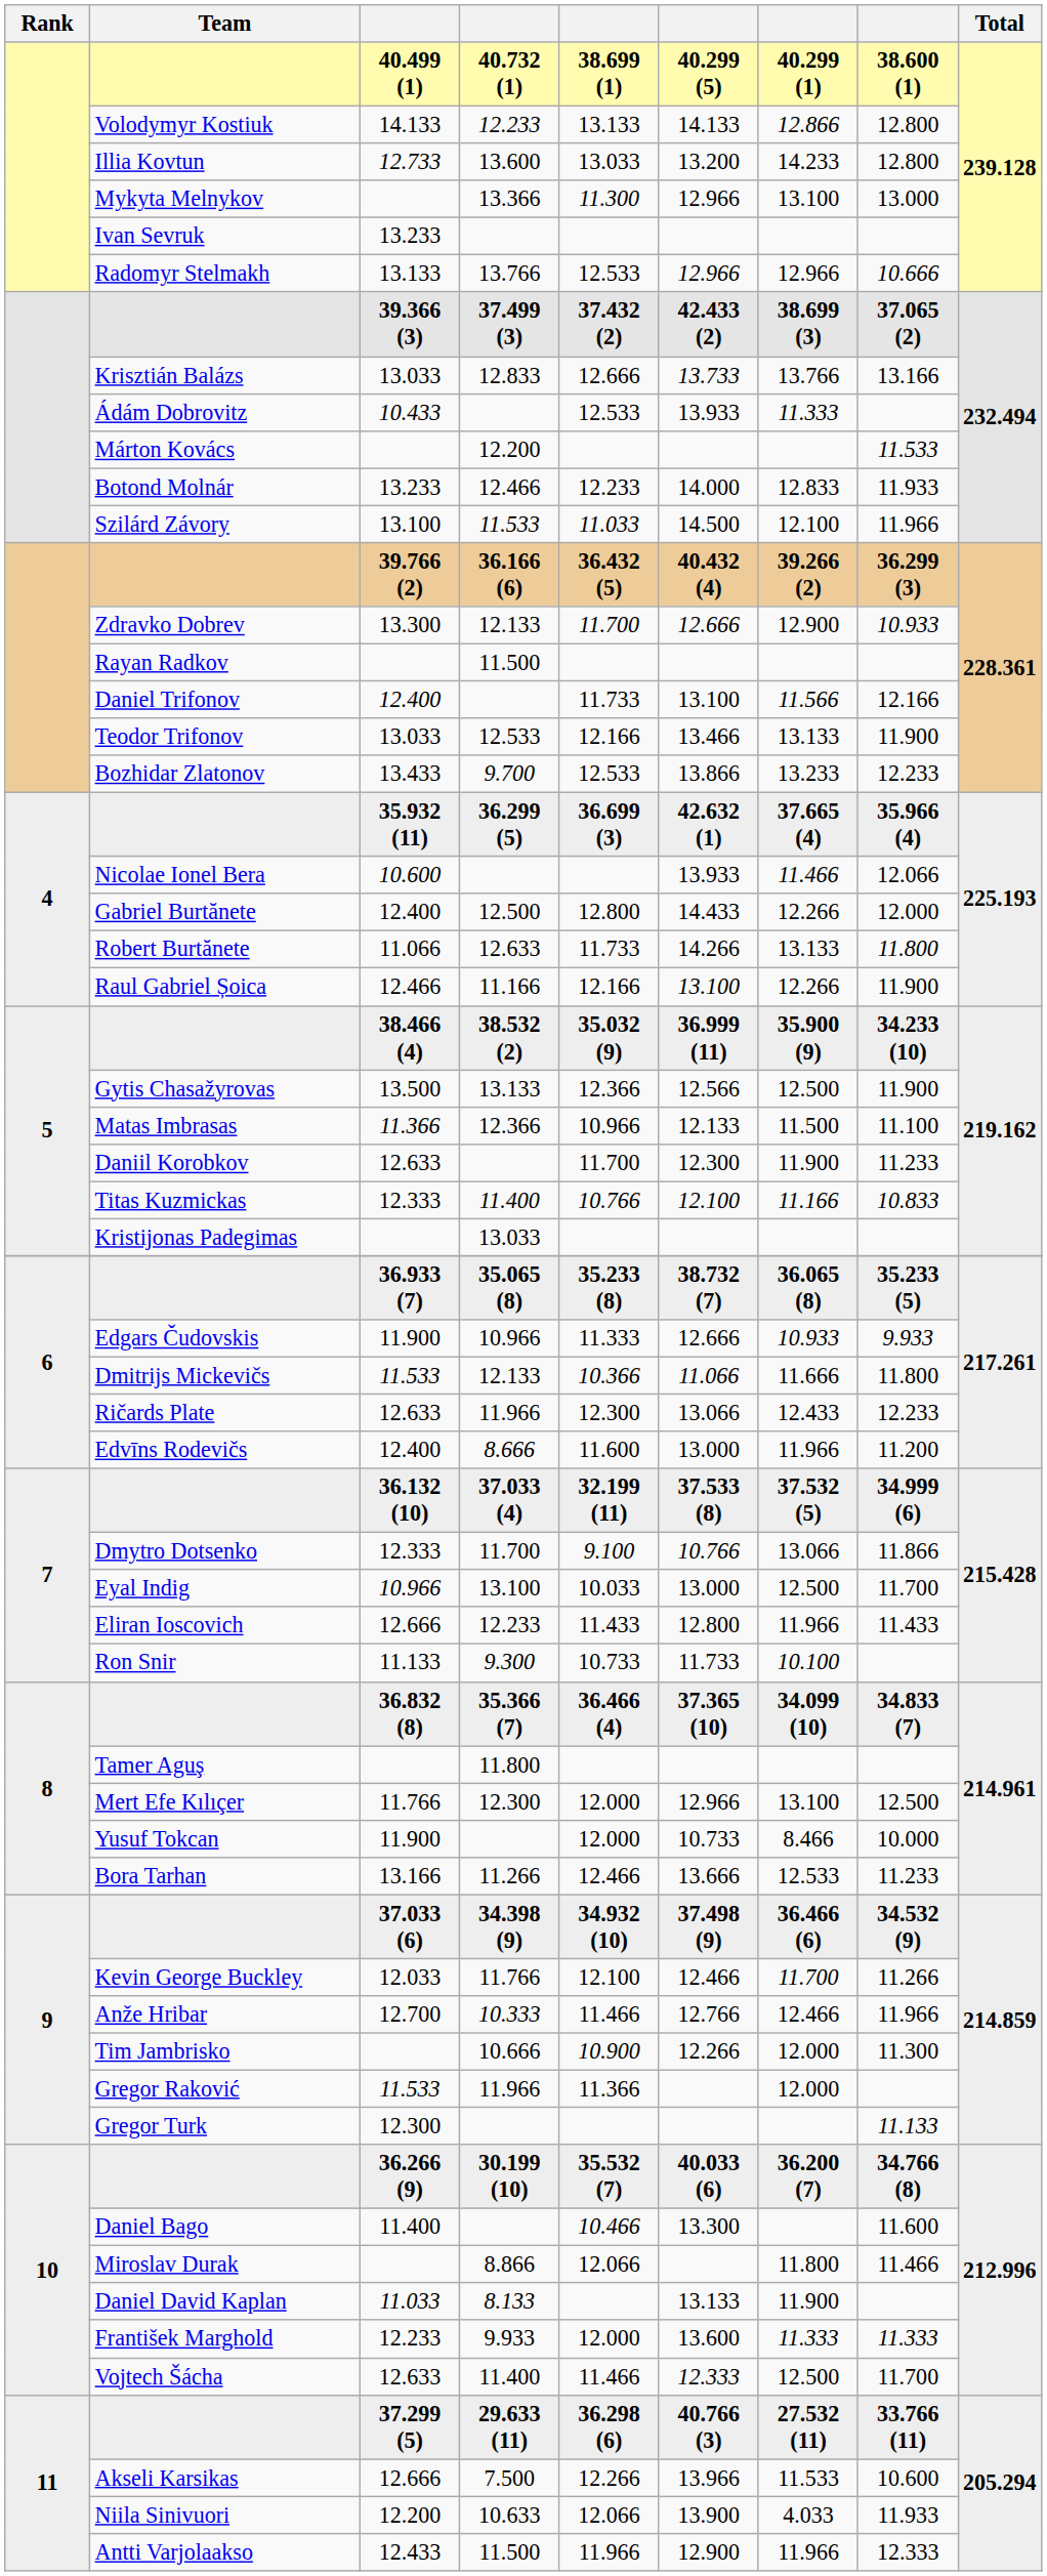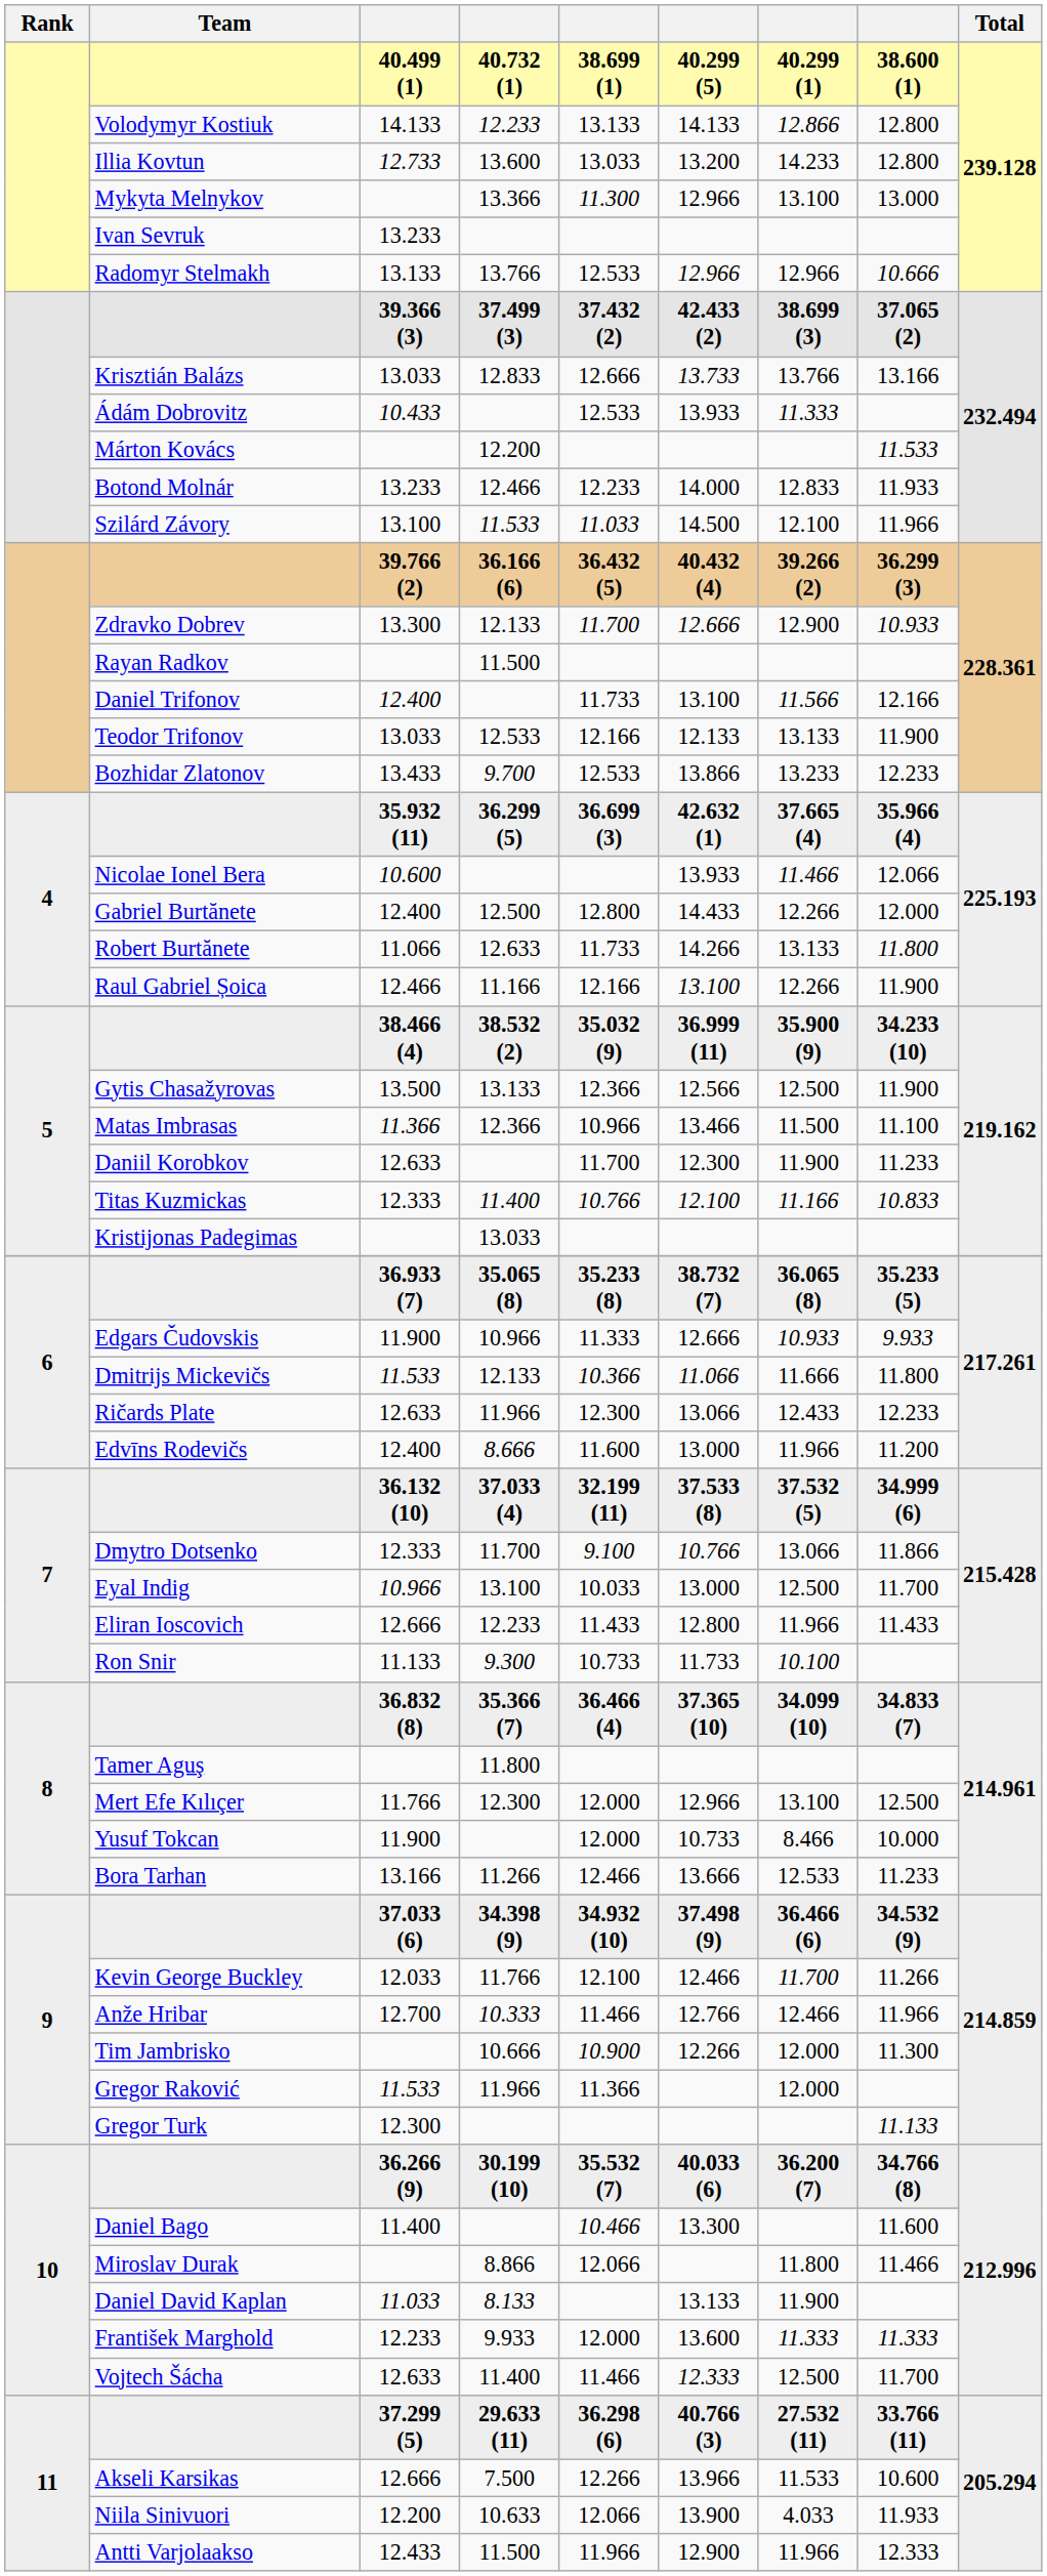 <table style="text-align:center; font-size:95%" class="wikitable sortable">
 <tr>
 <th scope="col" style="width:50px;">Rank</th>
 <th scope="col" style="width:175px;">Team</th>
 <th scope="col" style="width:60px;"></th>
 <th scope="col" style="width:60px;"></th>
 <th scope="col" style="width:60px;"></th>
 <th scope="col" style="width:60px;"></th>
 <th scope="col" style="width:60px;"></th>
 <th scope="col" style="width:60px;"></th>
 <th>Total</th>
 </tr>
 <tr style="background:#fffcaf;">
 <td rowspan="6"><strong></strong></td>
 <td style="text-align:left;"><strong></strong></td>
 <td><strong>40.499 (1)</strong></td>
 <td><strong>40.732 (1)</strong></td>
 <td><strong>38.699 (1)</strong></td>
 <td><strong>40.299 (5)</strong></td>
 <td><strong>40.299 (1)</strong></td>
 <td><strong>38.600 (1)</strong></td>
 <td rowspan="6"><strong>239.128</strong></td>
 </tr>
 <tr>
 <td style="text-align:left;"><a href='#'>Volodymyr Kostiuk</a></td>
 <td>14.133</td>
 <td><em>12.233</em></td>
 <td>13.133</td>
 <td>14.133</td>
 <td><em>12.866</em></td>
 <td>12.800</td>
 </tr>
 <tr>
 <td style="text-align:left;"><a href='#'>Illia Kovtun</a></td>
 <td><em>12.733</em></td>
 <td>13.600</td>
 <td>13.033</td>
 <td>13.200</td>
 <td>14.233</td>
 <td>12.800</td>
 </tr>
 <tr>
 <td style="text-align:left;"><a href='#'>Mykyta Melnykov</a></td>
 <td></td>
 <td>13.366</td>
 <td><em>11.300</em></td>
 <td>12.966</td>
 <td>13.100</td>
 <td>13.000</td>
 </tr>
 <tr>
 <td style="text-align:left;"><a href='#'>Ivan Sevruk</a></td>
 <td>13.233</td>
 <td></td>
 <td></td>
 <td></td>
 <td></td>
 <td></td>
 </tr>
 <tr>
 <td style="text-align:left;"><a href='#'>Radomyr Stelmakh</a></td>
 <td>13.133</td>
 <td>13.766</td>
 <td>12.533</td>
 <td><em>12.966</em></td>
 <td>12.966</td>
 <td><em>10.666</em></td>
 </tr>
 <tr style="background:#e5e5e5;">
 <td rowspan="6"><strong></strong></td>
 <td style="text-align:left;"><strong></strong></td>
 <td><strong>39.366 (3)</strong></td>
 <td><strong>37.499 (3)</strong></td>
 <td><strong>37.432 (2)</strong></td>
 <td><strong>42.433 (2)</strong></td>
 <td><strong>38.699 (3)</strong></td>
 <td><strong>37.065 (2)</strong></td>
 <td rowspan="6"><strong>232.494</strong></td>
 </tr>
 <tr>
 <td style="text-align:left;"><a href='#'>Krisztián Balázs</a></td>
 <td>13.033</td>
 <td>12.833</td>
 <td>12.666</td>
 <td><em>13.733</em></td>
 <td>13.766</td>
 <td>13.166</td>
 </tr>
 <tr>
 <td style="text-align:left;"><a href='#'>Ádám Dobrovitz</a></td>
 <td><em>10.433</em></td>
 <td></td>
 <td>12.533</td>
 <td>13.933</td>
 <td><em>11.333</em></td>
 <td></td>
 </tr>
 <tr>
 <td style="text-align:left;"><a href='#'>Márton Kovács</a></td>
 <td></td>
 <td>12.200</td>
 <td></td>
 <td></td>
 <td></td>
 <td><em>11.533</em></td>
 </tr>
 <tr>
 <td style="text-align:left;"><a href='#'>Botond Molnár</a></td>
 <td>13.233</td>
 <td>12.466</td>
 <td>12.233</td>
 <td>14.000</td>
 <td>12.833</td>
 <td>11.933</td>
 </tr>
 <tr>
 <td style="text-align:left;"><a href='#'>Szilárd Závory</a></td>
 <td>13.100</td>
 <td><em>11.533</em></td>
 <td><em>11.033</em></td>
 <td>14.500</td>
 <td>12.100</td>
 <td>11.966</td>
 </tr>
 <tr style="background:#ec9;">
 <td rowspan="6"><strong></strong></td>
 <td style="text-align:left;"><strong></strong></td>
 <td><strong>39.766 (2)</strong></td>
 <td><strong>36.166 (6)</strong></td>
 <td><strong>36.432 (5)</strong></td>
 <td><strong>40.432 (4)</strong></td>
 <td><strong>39.266 (2)</strong></td>
 <td><strong>36.299 (3)</strong></td>
 <td rowspan="6"><strong>228.361</strong></td>
 </tr>
 <tr>
 <td style="text-align:left;"><a href='#'>Zdravko Dobrev</a></td>
 <td>13.300</td>
 <td>12.133</td>
 <td><em>11.700</em></td>
 <td><em>12.666</em></td>
 <td>12.900</td>
 <td><em>10.933</em></td>
 </tr>
 <tr>
 <td style="text-align:left;"><a href='#'>Rayan Radkov</a></td>
 <td></td>
 <td>11.500</td>
 <td></td>
 <td></td>
 <td></td>
 <td></td>
 </tr>
 <tr>
 <td style="text-align:left;"><a href='#'>Daniel Trifonov</a></td>
 <td><em>12.400</em></td>
 <td></td>
 <td>11.733</td>
 <td>13.100</td>
 <td><em>11.566</em></td>
 <td>12.166</td>
 </tr>
 <tr>
 <td style="text-align:left;"><a href='#'>Teodor Trifonov</a></td>
 <td>13.033</td>
 <td>12.533</td>
 <td>12.166</td>
-<td>13.466</td>
+<td>12.133</td>
 <td>13.133</td>
 <td>11.900</td>
 </tr>
 <tr>
 <td style="text-align:left;"><a href='#'>Bozhidar Zlatonov</a></td>
 <td>13.433</td>
 <td><em>9.700</em></td>
 <td>12.533</td>
 <td>13.866</td>
 <td>13.233</td>
 <td>12.233</td>
 </tr>
 <tr style="background:#eee;">
 <td rowspan="5"><strong>4</strong></td>
 <td style="text-align:left;"><strong></strong></td>
 <td><strong>35.932 (11)</strong></td>
 <td><strong>36.299 (5)</strong></td>
 <td><strong>36.699 (3)</strong></td>
 <td><strong>42.632 (1)</strong></td>
 <td><strong>37.665 (4)</strong></td>
 <td><strong>35.966 (4)</strong></td>
 <td rowspan="5"><strong>225.193</strong></td>
 </tr>
 <tr>
 <td style="text-align:left;"><a href='#'>Nicolae Ionel Bera</a></td>
 <td><em>10.600</em></td>
 <td></td>
 <td></td>
 <td>13.933</td>
 <td><em>11.466</em></td>
 <td>12.066</td>
 </tr>
 <tr>
 <td style="text-align:left;"><a href='#'>Gabriel Burtănete</a></td>
 <td>12.400</td>
 <td>12.500</td>
 <td>12.800</td>
 <td>14.433</td>
 <td>12.266</td>
 <td>12.000</td>
 </tr>
 <tr>
 <td style="text-align:left;"><a href='#'>Robert Burtănete</a></td>
 <td>11.066</td>
 <td>12.633</td>
 <td>11.733</td>
 <td>14.266</td>
 <td>13.133</td>
 <td><em>11.800</em></td>
 </tr>
 <tr>
 <td style="text-align:left;"><a href='#'>Raul Gabriel Șoica</a></td>
 <td>12.466</td>
 <td>11.166</td>
 <td>12.166</td>
 <td><em>13.100</em></td>
 <td>12.266</td>
 <td>11.900</td>
 </tr>
 <tr style="background:#eee;">
 <td rowspan="6"><strong>5</strong></td>
 <td style="text-align:left;"><strong></strong></td>
 <td><strong>38.466 (4)</strong></td>
 <td><strong>38.532 (2)</strong></td>
 <td><strong>35.032 (9)</strong></td>
 <td><strong>36.999 (11)</strong></td>
 <td><strong>35.900 (9)</strong></td>
 <td><strong>34.233 (10)</strong></td>
 <td rowspan="6"><strong>219.162</strong></td>
 </tr>
 <tr>
 <td style="text-align:left;"><a href='#'>Gytis Chasažyrovas</a></td>
 <td>13.500</td>
 <td>13.133</td>
 <td>12.366</td>
 <td>12.566</td>
 <td>12.500</td>
 <td>11.900</td>
 </tr>
 <tr>
 <td style="text-align:left;"><a href='#'>Matas Imbrasas</a></td>
 <td><em>11.366</em></td>
 <td>12.366</td>
 <td>10.966</td>
-<td>12.133</td>
+<td>13.466</td>
 <td>11.500</td>
 <td>11.100</td>
 </tr>
 <tr>
 <td style="text-align:left;"><a href='#'>Daniil Korobkov</a></td>
 <td>12.633</td>
 <td></td>
 <td>11.700</td>
 <td>12.300</td>
 <td>11.900</td>
 <td>11.233</td>
 </tr>
 <tr>
 <td style="text-align:left;"><a href='#'>Titas Kuzmickas</a></td>
 <td>12.333</td>
 <td><em>11.400</em></td>
 <td><em>10.766</em></td>
 <td><em>12.100</em></td>
 <td><em>11.166</em></td>
 <td><em>10.833</em></td>
 </tr>
 <tr>
 <td style="text-align:left;"><a href='#'>Kristijonas Padegimas</a></td>
 <td></td>
 <td>13.033</td>
 <td></td>
 <td></td>
 <td></td>
 <td></td>
 </tr>
 <tr>
 </tr>
 <tr style="background:#eee;">
 <td rowspan="5"><strong>6</strong></td>
 <td style="text-align:left;"><strong></strong></td>
 <td><strong>36.933 (7)</strong></td>
 <td><strong>35.065 (8)</strong></td>
 <td><strong>35.233 (8)</strong></td>
 <td><strong>38.732 (7)</strong></td>
 <td><strong>36.065 (8)</strong></td>
 <td><strong>35.233 (5)</strong></td>
 <td rowspan="5"><strong>217.261</strong></td>
 </tr>
 <tr>
 <td style="text-align:left;"><a href='#'>Edgars Čudovskis</a></td>
 <td>11.900</td>
 <td>10.966</td>
 <td>11.333</td>
 <td>12.666</td>
 <td><em>10.933</em></td>
 <td><em>9.933</em></td>
 </tr>
 <tr>
 <td style="text-align:left;"><a href='#'>Dmitrijs Mickevičs</a></td>
 <td><em>11.533</em></td>
 <td>12.133</td>
 <td><em>10.366</em></td>
 <td><em>11.066</em></td>
 <td>11.666</td>
 <td>11.800</td>
 </tr>
 <tr>
 <td style="text-align:left;"><a href='#'>Ričards Plate</a></td>
 <td>12.633</td>
 <td>11.966</td>
 <td>12.300</td>
 <td>13.066</td>
 <td>12.433</td>
 <td>12.233</td>
 </tr>
 <tr>
 <td style="text-align:left;"><a href='#'>Edvīns Rodevičs</a></td>
 <td>12.400</td>
 <td><em>8.666</em></td>
 <td>11.600</td>
 <td>13.000</td>
 <td>11.966</td>
 <td>11.200</td>
 </tr>
 <tr style="background:#eee;">
 <td rowspan="5"><strong>7</strong></td>
 <td style="text-align:left;"><strong></strong></td>
 <td><strong>36.132 (10)</strong></td>
 <td><strong>37.033 (4)</strong></td>
 <td><strong>32.199 (11)</strong></td>
 <td><strong>37.533 (8)</strong></td>
 <td><strong>37.532 (5)</strong></td>
 <td><strong>34.999 (6)</strong></td>
 <td rowspan="5"><strong>215.428</strong></td>
 </tr>
 <tr>
 <td style="text-align:left;"><a href='#'>Dmytro Dotsenko</a></td>
 <td>12.333</td>
 <td>11.700</td>
 <td><em>9.100</em></td>
 <td><em>10.766</em></td>
 <td>13.066</td>
 <td>11.866</td>
 </tr>
 <tr>
 <td style="text-align:left;"><a href='#'>Eyal Indig</a></td>
 <td><em>10.966</em></td>
 <td>13.100</td>
 <td>10.033</td>
 <td>13.000</td>
 <td>12.500</td>
 <td>11.700</td>
 </tr>
 <tr>
 <td style="text-align:left;"><a href='#'>Eliran Ioscovich</a></td>
 <td>12.666</td>
 <td>12.233</td>
 <td>11.433</td>
 <td>12.800</td>
 <td>11.966</td>
 <td>11.433</td>
 </tr>
 <tr>
 <td style="text-align:left;"><a href='#'>Ron Snir</a></td>
 <td>11.133</td>
 <td><em>9.300</em></td>
 <td>10.733</td>
 <td>11.733</td>
 <td><em>10.100</em></td>
 <td></td>
 </tr>
 <tr style="background:#eee;">
 <td rowspan="5"><strong>8</strong></td>
 <td style="text-align:left;"><strong></strong></td>
 <td><strong>36.832 (8)</strong></td>
 <td><strong>35.366 (7)</strong></td>
 <td><strong>36.466 (4)</strong></td>
 <td><strong>37.365 (10)</strong></td>
 <td><strong>34.099 (10)</strong></td>
 <td><strong>34.833 (7)</strong></td>
 <td rowspan="5"><strong>214.961</strong></td>
 </tr>
 <tr>
 <td style="text-align:left;"><a href='#'>Tamer Aguş</a></td>
 <td></td>
 <td>11.800</td>
 <td></td>
 <td></td>
 <td></td>
 <td></td>
 </tr>
 <tr>
 <td style="text-align:left;"><a href='#'>Mert Efe Kılıçer</a></td>
 <td>11.766</td>
 <td>12.300</td>
 <td>12.000</td>
 <td>12.966</td>
 <td>13.100</td>
 <td>12.500</td>
 </tr>
 <tr>
 <td style="text-align:left;"><a href='#'>Yusuf Tokcan</a></td>
 <td>11.900</td>
 <td></td>
 <td>12.000</td>
 <td>10.733</td>
 <td>8.466</td>
 <td>10.000</td>
 </tr>
 <tr>
 <td style="text-align:left;"><a href='#'>Bora Tarhan</a></td>
 <td>13.166</td>
 <td>11.266</td>
 <td>12.466</td>
 <td>13.666</td>
 <td>12.533</td>
 <td>11.233</td>
 </tr>
 <tr style="background:#eee;">
 <td rowspan="6"><strong>9</strong></td>
 <td style="text-align:left;"><strong></strong></td>
 <td><strong>37.033 (6)</strong></td>
 <td><strong>34.398 (9)</strong></td>
 <td><strong>34.932 (10)</strong></td>
 <td><strong>37.498 (9)</strong></td>
 <td><strong>36.466 (6)</strong></td>
 <td><strong>34.532 (9)</strong></td>
 <td rowspan="6"><strong>214.859</strong></td>
 </tr>
 <tr>
 <td style="text-align:left;"><a href='#'>Kevin George Buckley</a></td>
 <td>12.033</td>
 <td>11.766</td>
 <td>12.100</td>
 <td>12.466</td>
 <td><em>11.700</em></td>
 <td>11.266</td>
 </tr>
 <tr>
 <td style="text-align:left;"><a href='#'>Anže Hribar</a></td>
 <td>12.700</td>
 <td><em>10.333</em></td>
 <td>11.466</td>
 <td>12.766</td>
 <td>12.466</td>
 <td>11.966</td>
 </tr>
 <tr>
 <td style="text-align:left;"><a href='#'>Tim Jambrisko</a></td>
 <td></td>
 <td>10.666</td>
 <td><em>10.900</em></td>
 <td>12.266</td>
 <td>12.000</td>
 <td>11.300</td>
 </tr>
 <tr>
 <td style="text-align:left;"><a href='#'>Gregor Raković</a></td>
 <td><em>11.533</em></td>
 <td>11.966</td>
 <td>11.366</td>
 <td></td>
 <td>12.000</td>
 <td></td>
 </tr>
 <tr>
 <td style="text-align:left;"><a href='#'>Gregor Turk</a></td>
 <td>12.300</td>
 <td></td>
 <td></td>
 <td></td>
 <td></td>
 <td><em>11.133</em></td>
 </tr>
 <tr style="background:#eee;">
 <td rowspan="6"><strong>10</strong></td>
 <td style="text-align:left;"><strong></strong></td>
 <td><strong>36.266 (9)</strong></td>
 <td><strong>30.199 (10)</strong></td>
 <td><strong>35.532 (7)</strong></td>
 <td><strong>40.033 (6)</strong></td>
 <td><strong>36.200 (7)</strong></td>
 <td><strong>34.766 (8)</strong></td>
 <td rowspan="6"><strong>212.996</strong></td>
 </tr>
 <tr>
 <td style="text-align:left;"><a href='#'>Daniel Bago</a></td>
 <td>11.400</td>
 <td></td>
 <td><em>10.466</em></td>
 <td>13.300</td>
 <td></td>
 <td>11.600</td>
 </tr>
 <tr>
 <td style="text-align:left;"><a href='#'>Miroslav Durak</a></td>
 <td></td>
 <td>8.866</td>
 <td>12.066</td>
 <td></td>
 <td>11.800</td>
 <td>11.466</td>
 </tr>
 <tr>
 <td style="text-align:left;"><a href='#'>Daniel David Kaplan</a></td>
 <td><em>11.033</em></td>
 <td><em>8.133</em></td>
 <td></td>
 <td>13.133</td>
 <td>11.900</td>
 <td></td>
 </tr>
 <tr>
 <td style="text-align:left;"><a href='#'>František Marghold</a></td>
 <td>12.233</td>
 <td>9.933</td>
 <td>12.000</td>
 <td>13.600</td>
 <td><em>11.333</em></td>
 <td><em>11.333</em></td>
 </tr>
 <tr>
 <td style="text-align:left;"><a href='#'>Vojtech Šácha</a></td>
 <td>12.633</td>
 <td>11.400</td>
 <td>11.466</td>
 <td><em>12.333</em></td>
 <td>12.500</td>
 <td>11.700</td>
 </tr>
 <tr style="background:#eee;">
 <td rowspan="4"><strong>11</strong></td>
 <td style="text-align:left;"><strong></strong></td>
 <td><strong>37.299 (5)</strong></td>
 <td><strong>29.633 (11)</strong></td>
 <td><strong>36.298 (6)</strong></td>
 <td><strong>40.766 (3)</strong></td>
 <td><strong>27.532 (11)</strong></td>
 <td><strong>33.766 (11)</strong></td>
 <td rowspan="4"><strong>205.294</strong></td>
 </tr>
 <tr>
 <td style="text-align:left;"><a href='#'>Akseli Karsikas</a></td>
 <td>12.666</td>
 <td>7.500</td>
 <td>12.266</td>
 <td>13.966</td>
 <td>11.533</td>
 <td>10.600</td>
 </tr>
 <tr>
 <td style="text-align:left;"><a href='#'>Niila Sinivuori</a></td>
 <td>12.200</td>
 <td>10.633</td>
 <td>12.066</td>
 <td>13.900</td>
 <td>4.033</td>
 <td>11.933</td>
 </tr>
 <tr>
 <td style="text-align:left;"><a href='#'>Antti Varjolaakso</a></td>
 <td>12.433</td>
 <td>11.500</td>
 <td>11.966</td>
 <td>12.900</td>
 <td>11.966</td>
 <td>12.333</td>
 </tr>
 </table>
